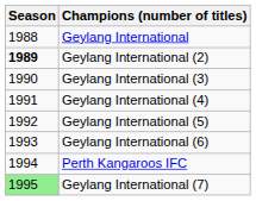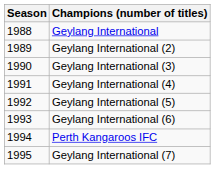 <table class="wikitable">
 <tr>
 <th>Season</th>
 <th>Champions (number of titles)</th>
 </tr>
 <tr>
 <td>1988</td>
 <td><a href='#'>Geylang International</a></td>
 </tr>
 <tr>
-<td><strong>1989</strong></td>
+<td>1989</td>
 <td>Geylang International (2)</td>
 </tr>
 <tr>
 <td>1990</td>
 <td>Geylang International (3)</td>
 </tr>
 <tr>
 <td>1991</td>
 <td>Geylang International (4)</td>
 </tr>
 <tr>
 <td>1992</td>
 <td>Geylang International (5)</td>
 </tr>
 <tr>
 <td>1993</td>
 <td>Geylang International (6)</td>
 </tr>
 <tr>
 <td>1994</td>
 <td><a href='#'>Perth Kangaroos IFC</a></td>
 </tr>
 <tr>
-<td style="background: lightgreen;">1995</td>
+<td>1995</td>
 <td>Geylang International (7)</td>
 </tr>
 </table>
